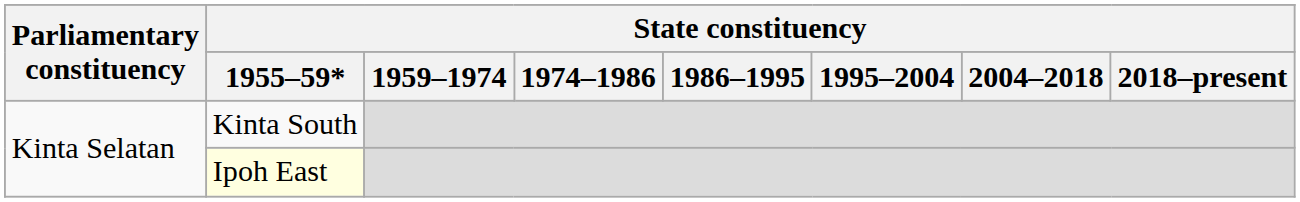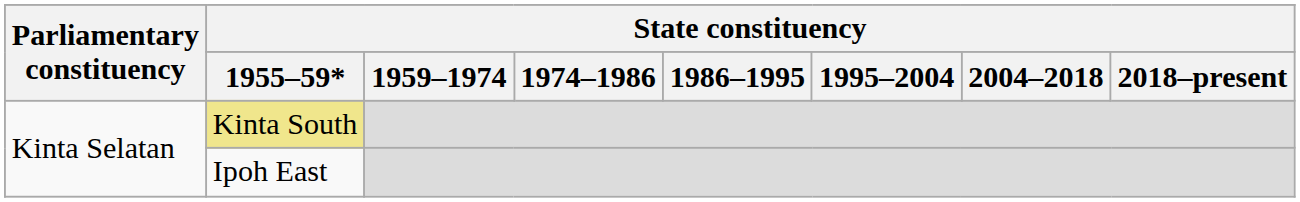 <table class="wikitable">
 <tr>
 <th rowspan="2">Parliamentary<br>constituency</th>
 <th colspan="7">State constituency</th>
 </tr>
 <tr>
 <th>1955–59*</th>
 <th>1959–1974</th>
 <th>1974–1986</th>
 <th>1986–1995</th>
 <th>1995–2004</th>
 <th>2004–2018</th>
 <th>2018–present</th>
 </tr>
 <tr>
 <td rowspan="2">Kinta Selatan</td>
-<td>Kinta South</td>
+<td style="background: khaki;">Kinta South</td>
 <td colspan="6" bgcolor="dcdcdc"></td>
 </tr>
 <tr>
-<td style="background: lightyellow;">Ipoh East</td>
+<td>Ipoh East</td>
 <td colspan="6" bgcolor="dcdcdc"></td>
 </tr>
 </table>
